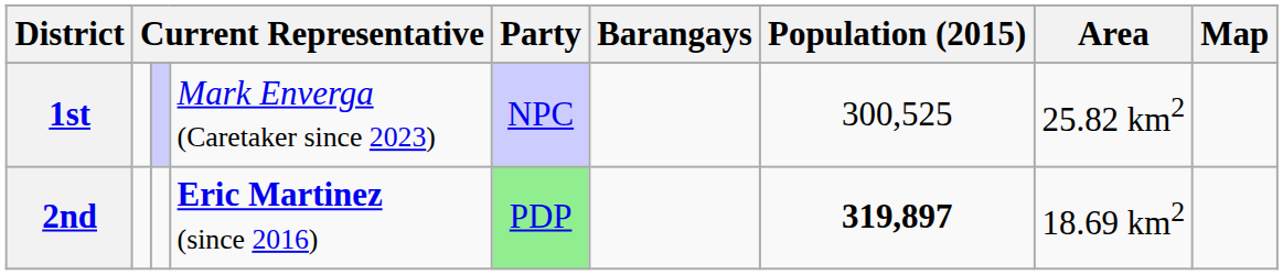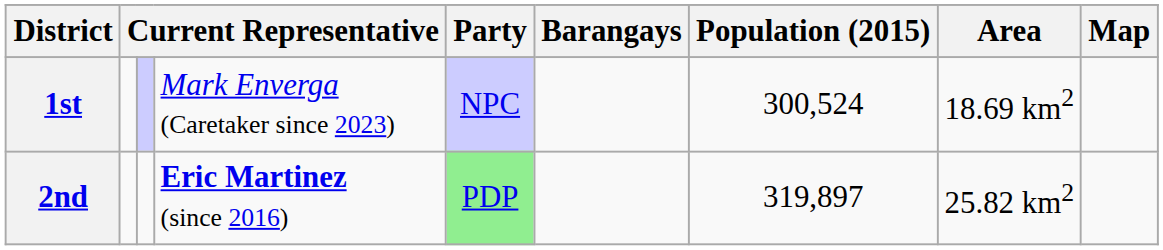 <table class="wikitable sortable" style="margin: 1em auto; font-size:100%; line-height:20px; text-align:center">
 <tr>
 <th>District</th>
 <th colspan="3">Current Representative</th>
 <th>Party</th>
 <th>Barangays</th>
 <th>Population (2015)</th>
 <th>Area</th>
 <th>Map</th>
 </tr>
 <tr>
 <th><a href='#'>1st</a></th>
 <td style="background:"></td>
 <td style="background:#ccf;"></td>
 <td style="text-align:left;" style="background:#ccf;"><em><a href='#'>Mark Enverga</a></em><br><small>(Caretaker since <a href='#'>2023</a>)</small></td>
 <td style="background:#ccf;"><a href='#'>NPC</a></td>
 <td></td>
-<td>300,525</td>
-<td>25.82 km<sup>2</sup></td>
+<td>300,524</td>
+<td>18.69 km<sup>2</sup></td>
 <td></td>
 </tr>
 <tr>
 <th><a href='#'>2nd</a></th>
 <td style="background:"></td>
 <td></td>
 <td style="text-align:left;"><strong><a href='#'>Eric Martinez</a></strong><br><small>(since <a href='#'>2016</a>)</small></td>
 <td style="background: lightgreen;"><a href='#'>PDP</a></td>
 <td></td>
-<td><strong>319,897</strong></td>
-<td>18.69 km<sup>2</sup></td>
+<td>319,897</td>
+<td>25.82 km<sup>2</sup></td>
 <td></td>
 </tr>
 </table>
